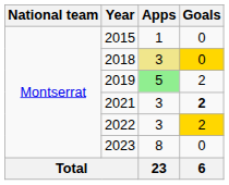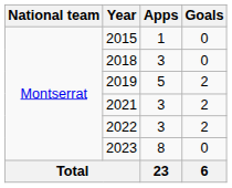 <table class="wikitable" style="text-align: center;">
 <tr>
 <th>National team</th>
 <th>Year</th>
 <th>Apps</th>
 <th>Goals</th>
 </tr>
 <tr>
 <td rowspan="6"><a href='#'>Montserrat</a></td>
 <td>2015</td>
 <td>1</td>
 <td>0</td>
 </tr>
 <tr>
 <td>2018</td>
-<td style="background: khaki;">3</td>
-<td style="background: gold;">0</td>
+<td>3</td>
+<td>0</td>
 </tr>
 <tr>
 <td>2019</td>
-<td style="background: lightgreen;">5</td>
+<td>5</td>
 <td>2</td>
 </tr>
 <tr>
 <td>2021</td>
 <td>3</td>
-<td><strong>2</strong></td>
+<td>2</td>
 </tr>
 <tr>
 <td>2022</td>
 <td>3</td>
-<td style="background: gold;">2</td>
+<td>2</td>
 </tr>
 <tr>
 <td>2023</td>
 <td>8</td>
 <td>0</td>
 </tr>
 <tr>
 <th colspan="2">Total</th>
 <th>23</th>
 <th>6</th>
 </tr>
 </table>
